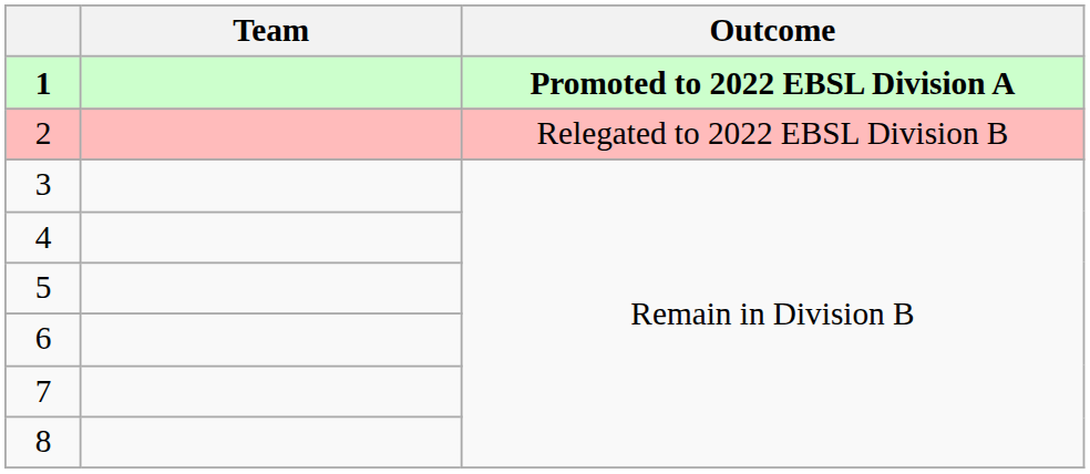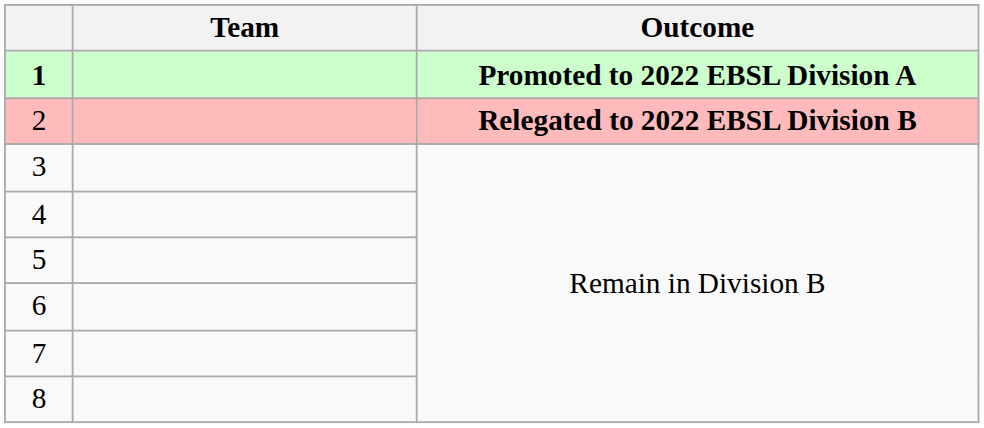 <table class="wikitable" style="text-align: center; font-size: 100%;">
 <tr>
 <th width="30"></th>
 <th width="180">Team</th>
 <th width="300">Outcome</th>
 </tr>
 <tr style="background-color: #ccffcc;">
 <td><strong>1</strong></td>
 <td align=left><strong></strong></td>
 <td><strong>Promoted to 2022 EBSL Division A</strong></td>
 </tr>
 <tr style="background-color: #FFBBBB;">
 <td>2</td>
 <td align=left></td>
-<td>Relegated to 2022 EBSL Division B</td>
+<td><strong>Relegated to 2022 EBSL Division B</strong></td>
 </tr>
 <tr>
 <td>3</td>
 <td align=left></td>
 <td rowspan=6>Remain in Division B</td>
 </tr>
 <tr>
 <td>4</td>
 <td align=left></td>
 </tr>
 <tr>
 <td>5</td>
 <td align=left></td>
 </tr>
 <tr>
 <td>6</td>
 <td align=left></td>
 </tr>
 <tr>
 <td>7</td>
 <td align=left></td>
 </tr>
 <tr>
 <td>8</td>
 <td align=left></td>
 </tr>
 </table>
